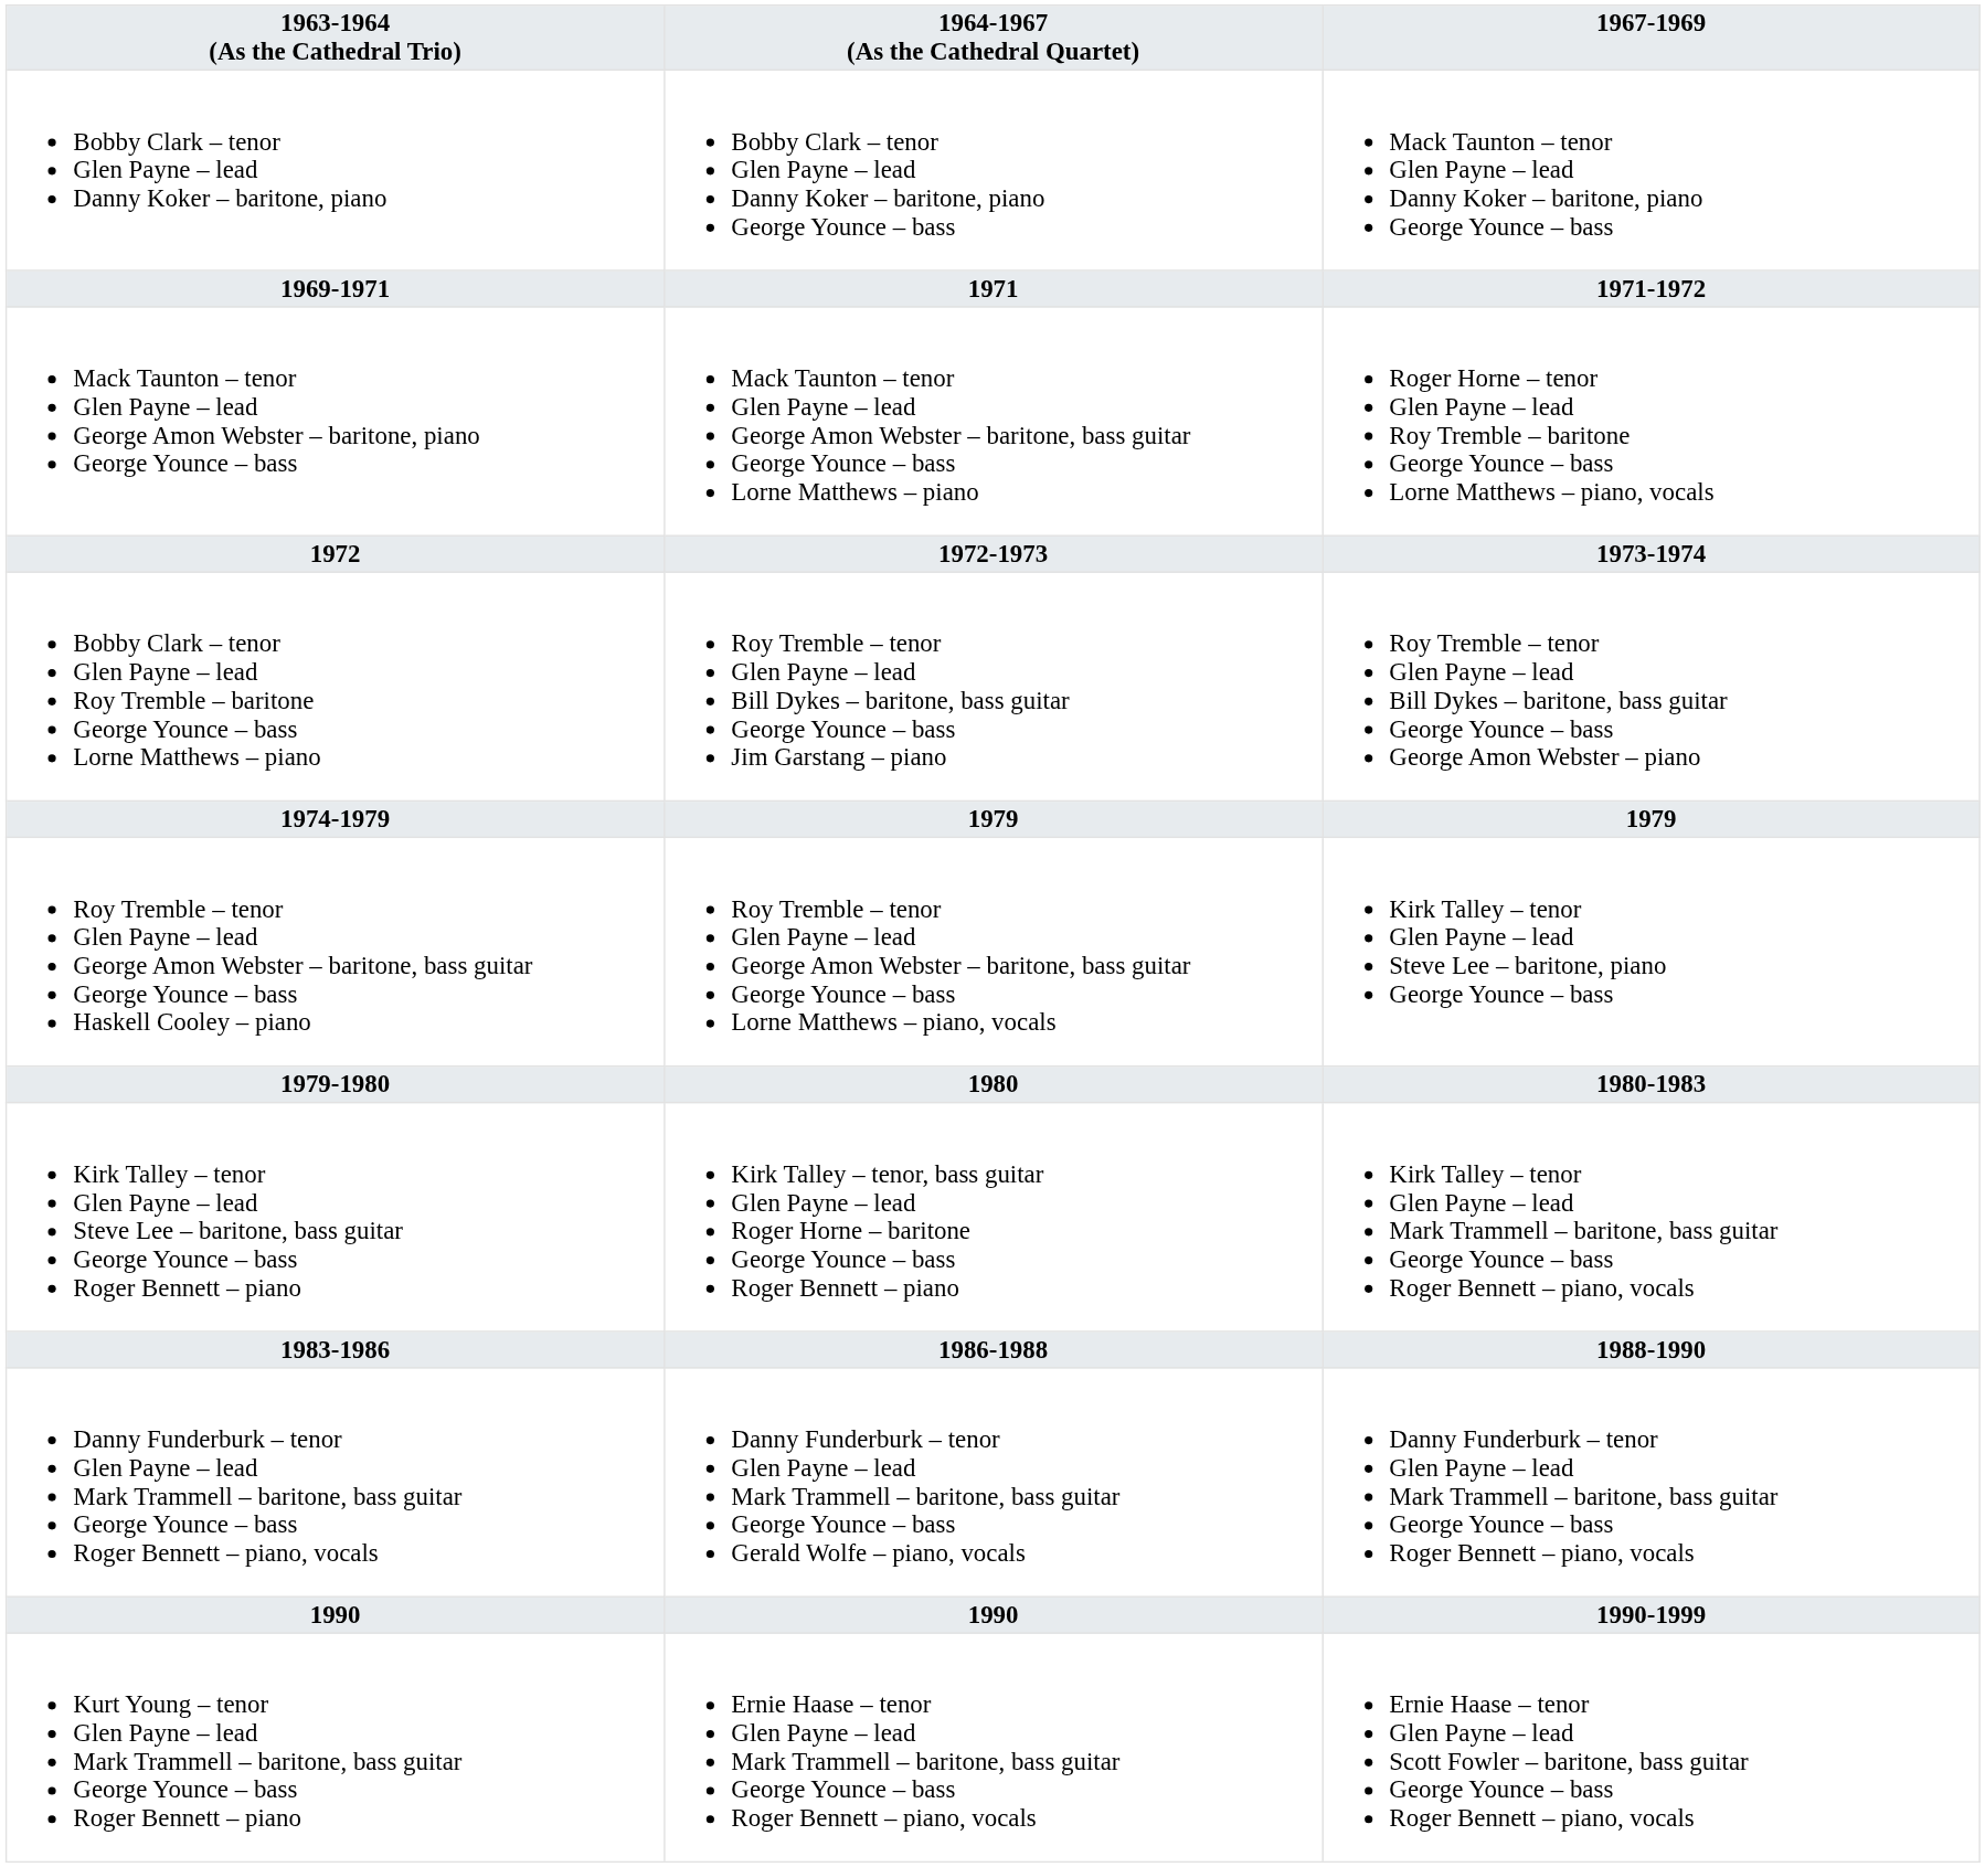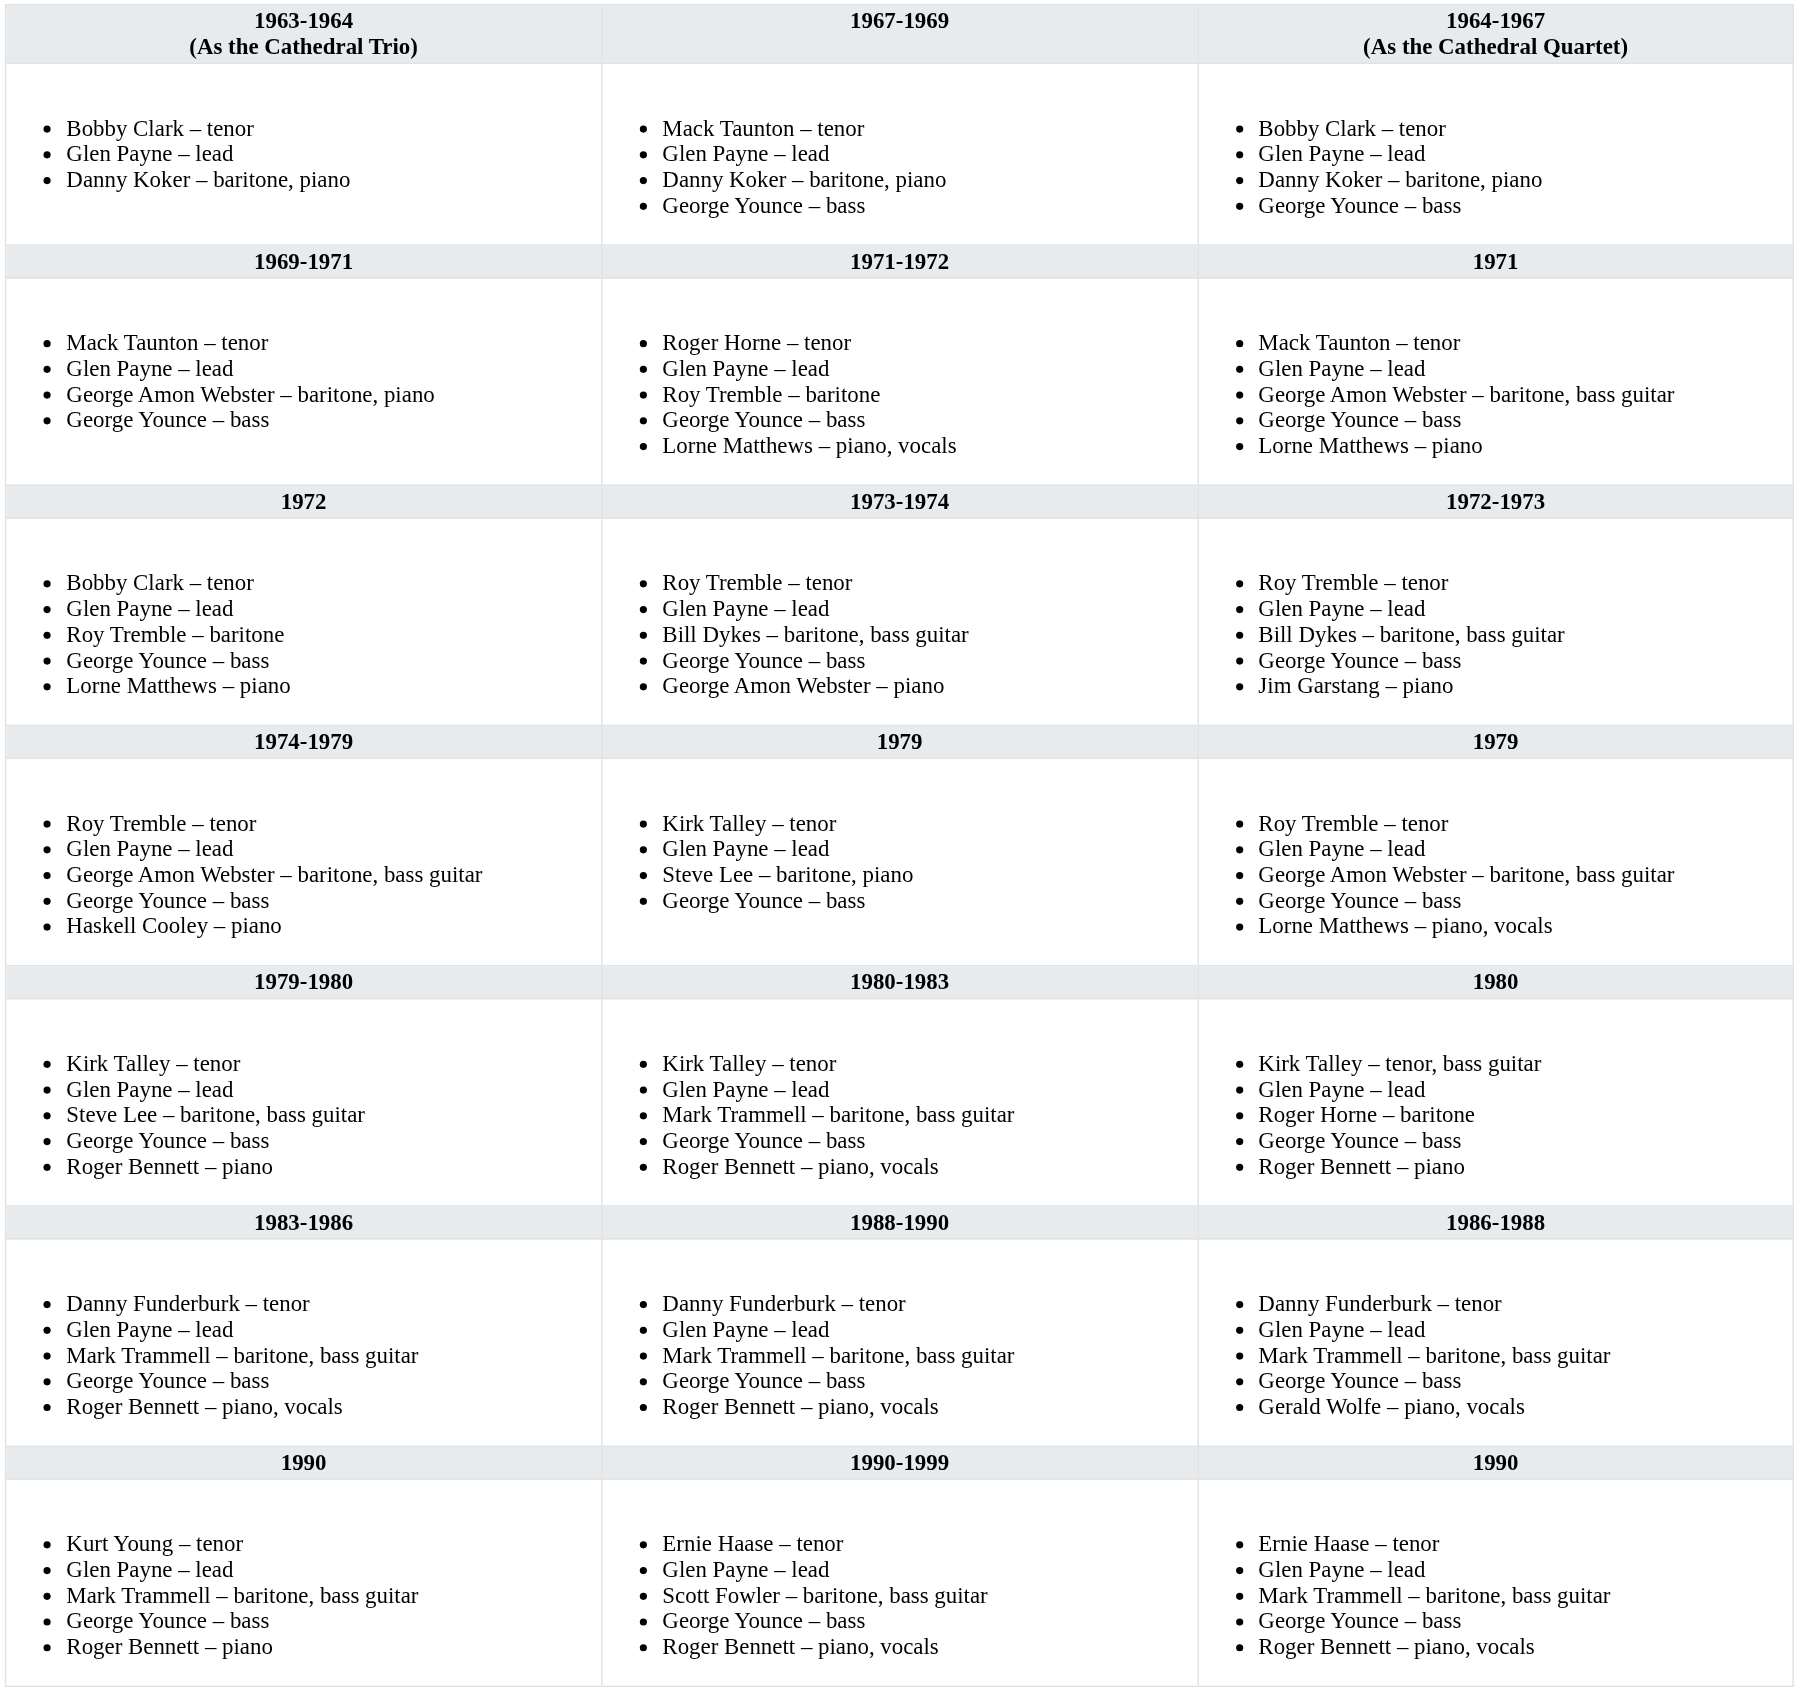 <table class="toccolours" style="float: width: 375px; margin: 0 0 1em 1em; border-collapse: collapse; border: 1px solid #E2E2E2;" border="1" width="99%" cellspacing="0" cellpadding="2">
 <tr>
 <th width="25%" valign="top" bgcolor="#E7EBEE">1963-1964<br>(As the Cathedral Trio)</th>
+<th width="25%" valign="top" bgcolor="#E7EBEE">1967-1969</th>
 <th width="25%" valign="top" bgcolor="#E7EBEE">1964-1967<br>(As the Cathedral Quartet)</th>
-<th width="25%" valign="top" bgcolor="#E7EBEE">1967-1969</th>
 </tr>
 <tr>
 <td valign="top"><br><ul><li>Bobby Clark – tenor</li><li>Glen Payne – lead</li><li>Danny Koker – baritone, piano</li></ul></td>
+<td valign="top"><br><ul><li>Mack Taunton – tenor</li><li>Glen Payne – lead</li><li>Danny Koker – baritone, piano</li><li>George Younce – bass</li></ul></td>
 <td valign="top"><br><ul><li>Bobby Clark – tenor</li><li>Glen Payne – lead</li><li>Danny Koker – baritone, piano</li><li>George Younce – bass</li></ul></td>
-<td valign="top"><br><ul><li>Mack Taunton – tenor</li><li>Glen Payne – lead</li><li>Danny Koker – baritone, piano</li><li>George Younce – bass</li></ul></td>
 </tr>
 <tr>
 <th bgcolor="#E7EBEE" width="25%" valign="top">1969-1971</th>
+<th bgcolor="#E7EBEE" width="25%" valign="top">1971-1972</th>
 <th bgcolor="#E7EBEE" width="25%" valign="top">1971</th>
-<th bgcolor="#E7EBEE" width="25%" valign="top">1971-1972</th>
 </tr>
 <tr>
 <td valign="top"><br><ul><li>Mack Taunton – tenor</li><li>Glen Payne – lead</li><li>George Amon Webster – baritone, piano</li><li>George Younce – bass</li></ul></td>
+<td valign="top"><br><ul><li>Roger Horne – tenor</li><li>Glen Payne – lead</li><li>Roy Tremble – baritone</li><li>George Younce – bass</li><li>Lorne Matthews – piano, vocals</li></ul></td>
 <td valign="top"><br><ul><li>Mack Taunton – tenor</li><li>Glen Payne – lead</li><li>George Amon Webster – baritone, bass guitar</li><li>George Younce – bass</li><li>Lorne Matthews – piano</li></ul></td>
-<td valign="top"><br><ul><li>Roger Horne – tenor</li><li>Glen Payne – lead</li><li>Roy Tremble – baritone</li><li>George Younce – bass</li><li>Lorne Matthews – piano, vocals</li></ul></td>
 </tr>
 <tr>
 <th bgcolor="#E7EBEE" width="25%" valign="top">1972</th>
+<th bgcolor="#E7EBEE" width="25%" valign="top">1973-1974</th>
 <th bgcolor="#E7EBEE" width="25%" valign="top">1972-1973</th>
-<th bgcolor="#E7EBEE" width="25%" valign="top">1973-1974</th>
 </tr>
 <tr>
 <td valign="top"><br><ul><li>Bobby Clark – tenor</li><li>Glen Payne – lead</li><li>Roy Tremble – baritone</li><li>George Younce – bass</li><li>Lorne Matthews – piano</li></ul></td>
+<td valign="top"><br><ul><li>Roy Tremble – tenor</li><li>Glen Payne – lead</li><li>Bill Dykes – baritone, bass guitar</li><li>George Younce – bass</li><li>George Amon Webster – piano</li></ul></td>
 <td valign="top"><br><ul><li>Roy Tremble – tenor</li><li>Glen Payne – lead</li><li>Bill Dykes – baritone, bass guitar</li><li>George Younce – bass</li><li>Jim Garstang – piano</li></ul></td>
-<td valign="top"><br><ul><li>Roy Tremble – tenor</li><li>Glen Payne – lead</li><li>Bill Dykes – baritone, bass guitar</li><li>George Younce – bass</li><li>George Amon Webster – piano</li></ul></td>
 </tr>
 <tr>
 <th bgcolor="#E7EBEE" width="25%" valign="top">1974-1979</th>
 <th bgcolor="#E7EBEE" width="25%" valign="top">1979</th>
 <th bgcolor="#E7EBEE" width="25%" valign="top">1979</th>
 </tr>
 <tr>
 <td valign="top"><br><ul><li>Roy Tremble – tenor</li><li>Glen Payne – lead</li><li>George Amon Webster – baritone, bass guitar</li><li>George Younce – bass</li><li>Haskell Cooley – piano</li></ul></td>
+<td valign="top"><br><ul><li>Kirk Talley – tenor</li><li>Glen Payne – lead</li><li>Steve Lee – baritone, piano</li><li>George Younce – bass</li></ul></td>
 <td valign="top"><br><ul><li>Roy Tremble – tenor</li><li>Glen Payne – lead</li><li>George Amon Webster – baritone, bass guitar</li><li>George Younce – bass</li><li>Lorne Matthews – piano, vocals</li></ul></td>
-<td valign="top"><br><ul><li>Kirk Talley – tenor</li><li>Glen Payne – lead</li><li>Steve Lee – baritone, piano</li><li>George Younce – bass</li></ul></td>
 </tr>
 <tr>
 <th bgcolor="#E7EBEE" width="25%" valign="top">1979-1980</th>
+<th bgcolor="#E7EBEE" width="25%" valign="top">1980-1983</th>
 <th bgcolor="#E7EBEE" width="25%" valign="top">1980</th>
-<th bgcolor="#E7EBEE" width="25%" valign="top">1980-1983</th>
 </tr>
 <tr>
 <td valign="top"><br><ul><li>Kirk Talley – tenor</li><li>Glen Payne – lead</li><li>Steve Lee – baritone, bass guitar</li><li>George Younce – bass</li><li>Roger Bennett – piano</li></ul></td>
+<td valign="top"><br><ul><li>Kirk Talley – tenor</li><li>Glen Payne – lead</li><li>Mark Trammell – baritone, bass guitar</li><li>George Younce – bass</li><li>Roger Bennett – piano, vocals</li></ul></td>
 <td valign="top"><br><ul><li>Kirk Talley – tenor, bass guitar</li><li>Glen Payne – lead</li><li>Roger Horne – baritone</li><li>George Younce – bass</li><li>Roger Bennett – piano</li></ul></td>
-<td valign="top"><br><ul><li>Kirk Talley – tenor</li><li>Glen Payne – lead</li><li>Mark Trammell – baritone, bass guitar</li><li>George Younce – bass</li><li>Roger Bennett – piano, vocals</li></ul></td>
 </tr>
 <tr>
 <th bgcolor="#E7EBEE" width="25%" valign="top">1983-1986</th>
+<th bgcolor="#E7EBEE" width="25%" valign="top">1988-1990</th>
 <th bgcolor="#E7EBEE" width="25%" valign="top">1986-1988</th>
-<th bgcolor="#E7EBEE" width="25%" valign="top">1988-1990</th>
 </tr>
 <tr>
 <td valign="top"><br><ul><li>Danny Funderburk – tenor</li><li>Glen Payne – lead</li><li>Mark Trammell – baritone, bass guitar</li><li>George Younce – bass</li><li>Roger Bennett – piano, vocals</li></ul></td>
+<td valign="top"><br><ul><li>Danny Funderburk – tenor</li><li>Glen Payne – lead</li><li>Mark Trammell – baritone, bass guitar</li><li>George Younce – bass</li><li>Roger Bennett – piano, vocals</li></ul></td>
 <td valign="top"><br><ul><li>Danny Funderburk – tenor</li><li>Glen Payne – lead</li><li>Mark Trammell – baritone, bass guitar</li><li>George Younce – bass</li><li>Gerald Wolfe – piano, vocals</li></ul></td>
-<td valign="top"><br><ul><li>Danny Funderburk – tenor</li><li>Glen Payne – lead</li><li>Mark Trammell – baritone, bass guitar</li><li>George Younce – bass</li><li>Roger Bennett – piano, vocals</li></ul></td>
 </tr>
 <tr>
 <th bgcolor="#E7EBEE" width="25%" valign="top">1990</th>
+<th bgcolor="#E7EBEE" width="25%" valign="top">1990-1999</th>
 <th bgcolor="#E7EBEE" width="25%" valign="top">1990</th>
-<th bgcolor="#E7EBEE" width="25%" valign="top">1990-1999</th>
 </tr>
 <tr>
 <td valign="top"><br><ul><li>Kurt Young – tenor</li><li>Glen Payne – lead</li><li>Mark Trammell – baritone, bass guitar</li><li>George Younce – bass</li><li>Roger Bennett – piano</li></ul></td>
+<td valign="top"><br><ul><li>Ernie Haase – tenor</li><li>Glen Payne – lead</li><li>Scott Fowler – baritone, bass guitar</li><li>George Younce – bass</li><li>Roger Bennett – piano, vocals</li></ul></td>
 <td valign="top"><br><ul><li>Ernie Haase – tenor</li><li>Glen Payne – lead</li><li>Mark Trammell – baritone, bass guitar</li><li>George Younce – bass</li><li>Roger Bennett – piano, vocals</li></ul></td>
-<td valign="top"><br><ul><li>Ernie Haase – tenor</li><li>Glen Payne – lead</li><li>Scott Fowler – baritone, bass guitar</li><li>George Younce – bass</li><li>Roger Bennett – piano, vocals</li></ul></td>
 </tr>
 </table>
